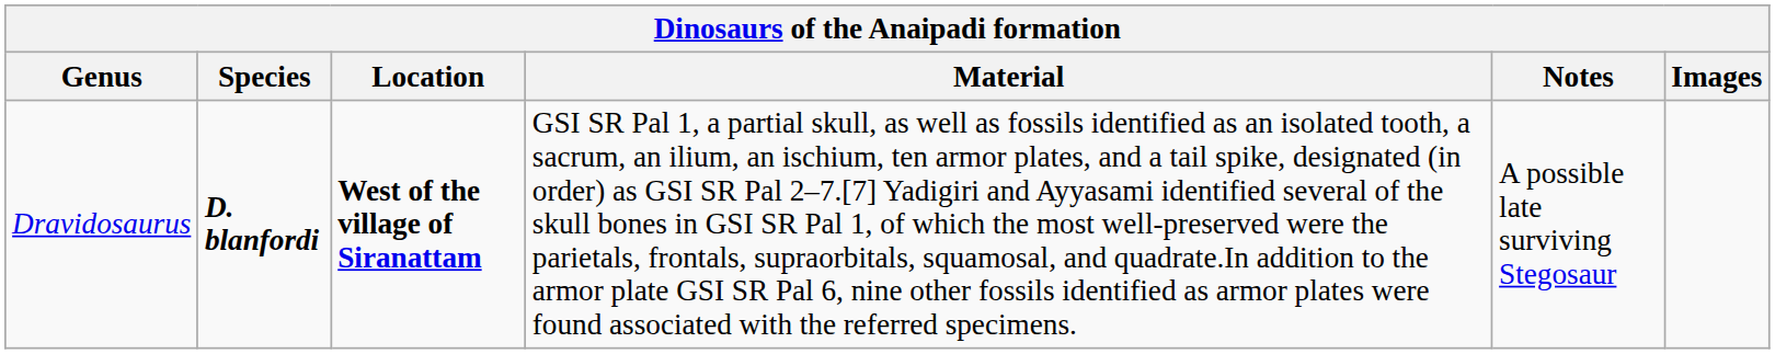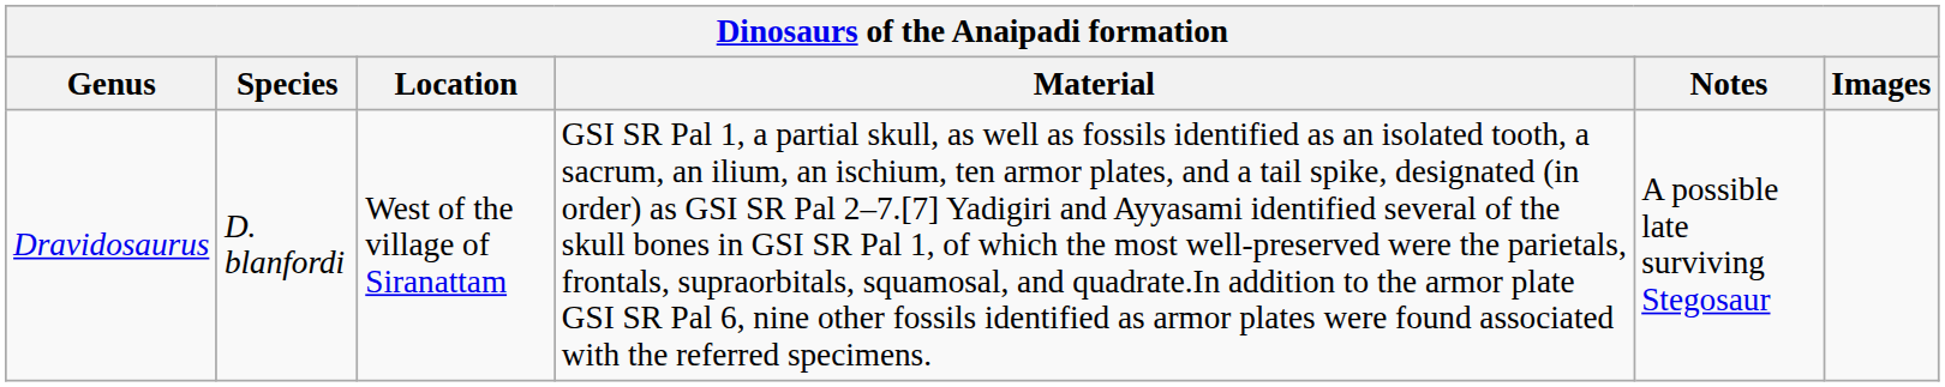 <table class="wikitable" align="center" width="75%">
 <tr>
 <th colspan="6" align="center"><a href='#'>Dinosaurs</a> of the Anaipadi formation</th>
 </tr>
 <tr>
 <th>Genus</th>
 <th>Species</th>
 <th>Location</th>
 <th>Material</th>
 <th>Notes</th>
 <th>Images</th>
 </tr>
 <tr>
 <td><em><a href='#'>Dravidosaurus</a></em></td>
-<td><strong><em>D. blanfordi</em></strong></td>
-<td><strong>West of the village of <a href='#'>Siranattam</a></strong></td>
+<td><em>D. blanfordi</em></td>
+<td>West of the village of <a href='#'>Siranattam</a></td>
 <td>GSI SR Pal 1, a partial skull, as well as fossils identified as an isolated tooth, a sacrum, an ilium, an ischium, ten armor plates, and a tail spike, designated (in order) as GSI SR Pal 2–7.[7] Yadigiri and Ayyasami identified several of the skull bones in GSI SR Pal 1, of which the most well-preserved were the parietals, frontals, supraorbitals, squamosal, and quadrate.In addition to the armor plate GSI SR Pal 6, nine other fossils identified as armor plates were found associated with the referred specimens.</td>
 <td>A possible late surviving <a href='#'>Stegosaur</a></td>
 <td><br></td>
 </tr>
 </table>
